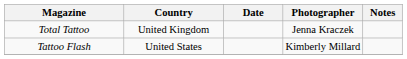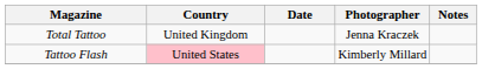 <table class="wikitable sortable" style="text-align:center;">
 <tr>
 <th scope="col" style="width:30%;">Magazine</th>
 <th scope="col" style="width:25%;">Country</th>
 <th scope="col" style="width:15%;">Date</th>
 <th scope="col" style="width:20%;">Photographer</th>
 <th scope="col" style="width:10%;">Notes</th>
 </tr>
 <tr>
 <td><em>Total Tattoo</em></td>
 <td>United Kingdom</td>
 <td></td>
 <td>Jenna Kraczek</td>
 <td></td>
 </tr>
 <tr>
 <td><em>Tattoo Flash</em></td>
-<td>United States</td>
+<td style="background: pink;">United States</td>
 <td></td>
 <td>Kimberly Millard</td>
 <td></td>
 </tr>
 <tr>
 </tr>
 </table>
